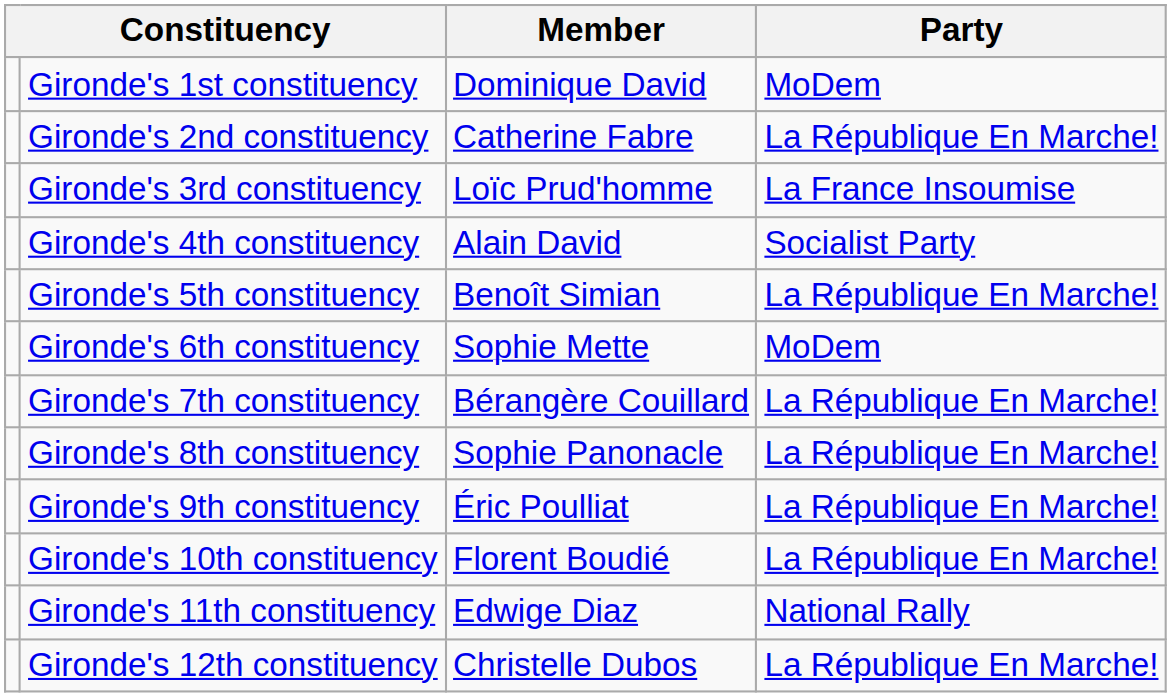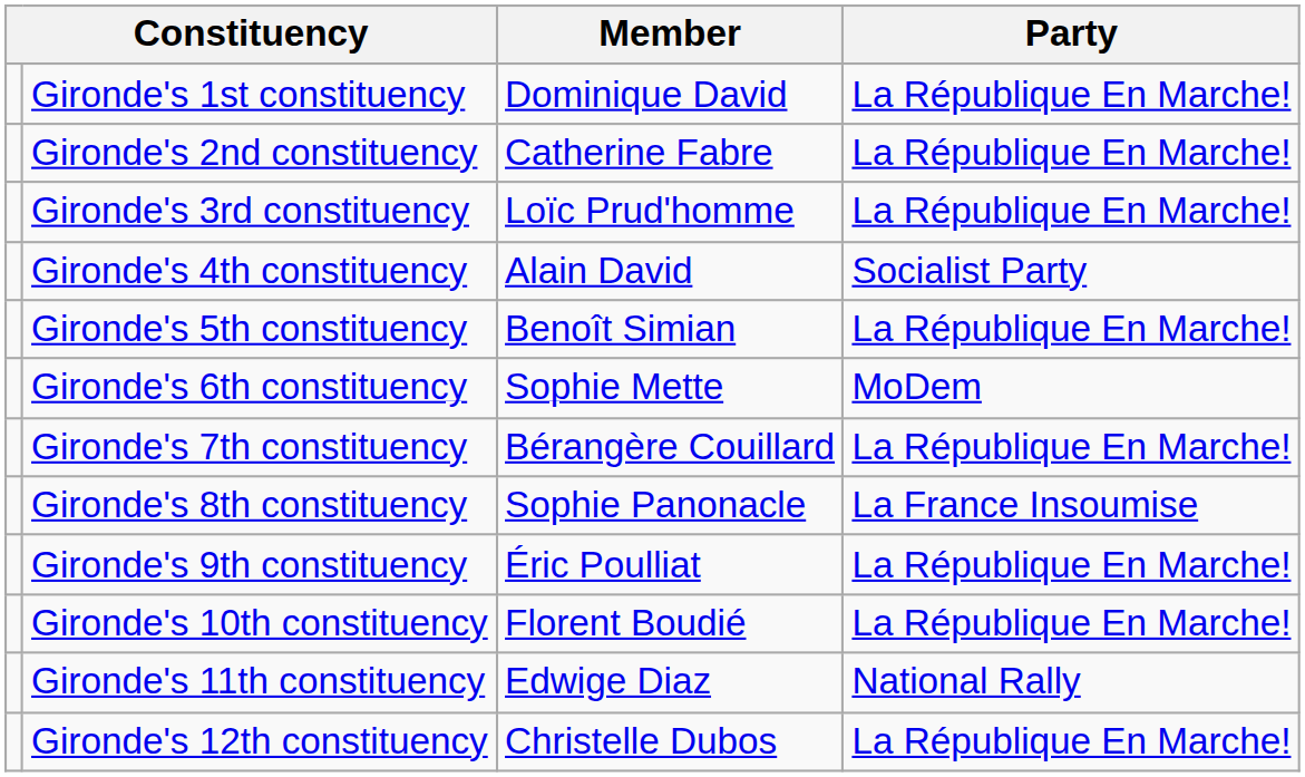 <table class="wikitable">
 <tr>
 <th colspan="2">Constituency</th>
 <th>Member</th>
 <th>Party</th>
 </tr>
 <tr>
 <td style="background-color: "></td>
 <td><a href='#'>Gironde's 1st constituency</a></td>
 <td><a href='#'>Dominique David</a></td>
-<td><a href='#'>MoDem</a></td>
+<td><a href='#'>La République En Marche!</a></td>
 </tr>
 <tr>
 <td style="background-color: "></td>
 <td><a href='#'>Gironde's 2nd constituency</a></td>
 <td><a href='#'>Catherine Fabre</a></td>
 <td><a href='#'>La République En Marche!</a></td>
 </tr>
 <tr>
 <td style="background-color: "></td>
 <td><a href='#'>Gironde's 3rd constituency</a></td>
 <td><a href='#'>Loïc Prud'homme</a></td>
-<td><a href='#'>La France Insoumise</a></td>
+<td><a href='#'>La République En Marche!</a></td>
 </tr>
 <tr>
 <td style="background-color: "></td>
 <td><a href='#'>Gironde's 4th constituency</a></td>
 <td><a href='#'>Alain David</a></td>
 <td><a href='#'>Socialist Party</a></td>
 </tr>
 <tr>
 <td style="background-color: "></td>
 <td><a href='#'>Gironde's 5th constituency</a></td>
 <td><a href='#'>Benoît Simian</a></td>
 <td><a href='#'>La République En Marche!</a></td>
 </tr>
 <tr>
 <td style="background-color: "></td>
 <td><a href='#'>Gironde's 6th constituency</a></td>
 <td><a href='#'>Sophie Mette</a></td>
 <td><a href='#'>MoDem</a></td>
 </tr>
 <tr>
 <td style="background-color: "></td>
 <td><a href='#'>Gironde's 7th constituency</a></td>
 <td><a href='#'>Bérangère Couillard</a></td>
 <td><a href='#'>La République En Marche!</a></td>
 </tr>
 <tr>
 <td style="background-color: "></td>
 <td><a href='#'>Gironde's 8th constituency</a></td>
 <td><a href='#'>Sophie Panonacle</a></td>
-<td><a href='#'>La République En Marche!</a></td>
+<td><a href='#'>La France Insoumise</a></td>
 </tr>
 <tr>
 <td style="background-color: "></td>
 <td><a href='#'>Gironde's 9th constituency</a></td>
 <td><a href='#'>Éric Poulliat</a></td>
 <td><a href='#'>La République En Marche!</a></td>
 </tr>
 <tr>
 <td style="background-color: "></td>
 <td><a href='#'>Gironde's 10th constituency</a></td>
 <td><a href='#'>Florent Boudié</a></td>
 <td><a href='#'>La République En Marche!</a></td>
 </tr>
 <tr>
 <td style="background-color: "></td>
 <td><a href='#'>Gironde's 11th constituency</a></td>
 <td><a href='#'>Edwige Diaz</a></td>
 <td><a href='#'>National Rally</a></td>
 </tr>
 <tr>
 <td style="background-color: "></td>
 <td><a href='#'>Gironde's 12th constituency</a></td>
 <td><a href='#'>Christelle Dubos</a></td>
 <td><a href='#'>La République En Marche!</a></td>
 </tr>
 </table>
